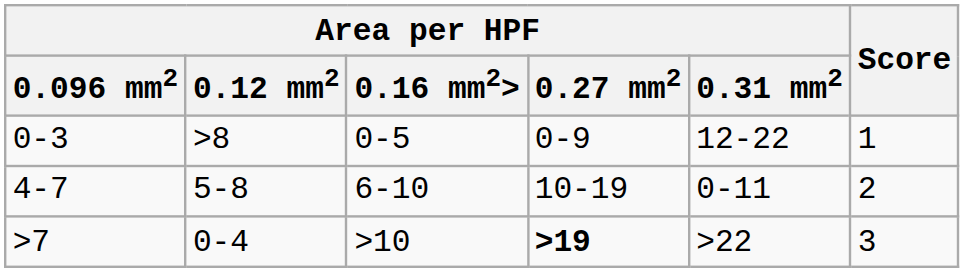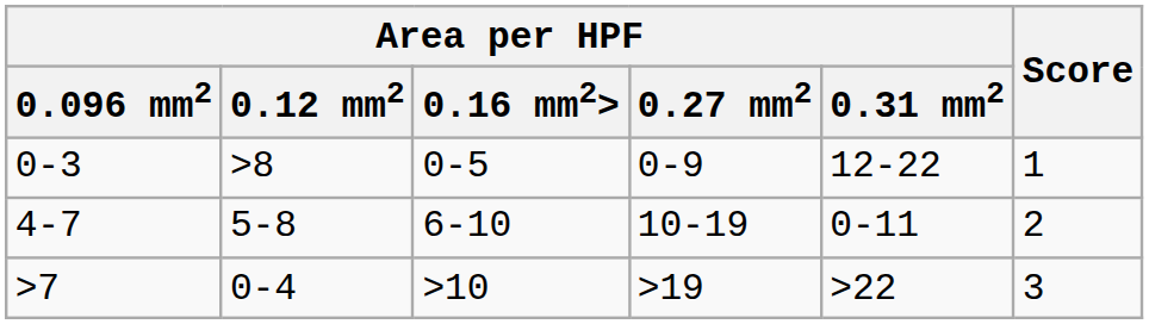 <table class="wikitable">
 <tr>
 <th colspan=5>Area per HPF</th>
 <th rowspan=2>Score</th>
 </tr>
 <tr>
 <th>0.096 mm<sup>2</sup></th>
 <th>0.12 mm<sup>2</sup></th>
 <th>0.16 mm<sup>2</sup>></th>
 <th>0.27 mm<sup>2</sup></th>
 <th>0.31 mm<sup>2</sup></th>
 </tr>
 <tr>
 <td>0-3</td>
 <td>>8</td>
 <td>0-5</td>
 <td>0-9</td>
 <td>12-22</td>
 <td>1</td>
 </tr>
 <tr>
 <td>4-7</td>
 <td>5-8</td>
 <td>6-10</td>
 <td>10-19</td>
 <td>0-11</td>
 <td>2</td>
 </tr>
 <tr>
 <td>>7</td>
 <td>0-4</td>
 <td>>10</td>
-<td><strong>>19</strong></td>
+<td>>19</td>
 <td>>22</td>
 <td>3</td>
 </tr>
 </table>
